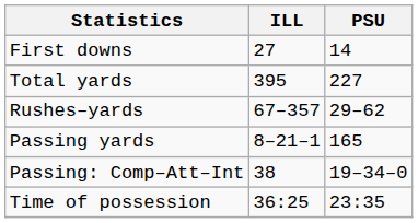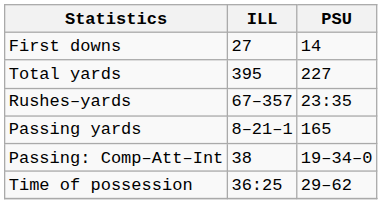 <table class="wikitable" style="float: left;">
 <tr>
 <th>Statistics</th>
 <th>ILL</th>
 <th>PSU</th>
 </tr>
 <tr>
 <td>First downs</td>
 <td>27</td>
 <td>14</td>
 </tr>
 <tr>
 <td>Total yards</td>
 <td>395</td>
 <td>227</td>
 </tr>
 <tr>
 <td>Rushes–yards</td>
 <td>67–357</td>
-<td>29–62</td>
+<td>23:35</td>
 </tr>
 <tr>
 <td>Passing yards</td>
 <td>8–21–1</td>
 <td>165</td>
 </tr>
 <tr>
 <td>Passing: Comp–Att–Int</td>
 <td>38</td>
 <td>19–34–0</td>
 </tr>
 <tr>
 <td>Time of possession</td>
 <td>36:25</td>
-<td>23:35</td>
+<td>29–62</td>
 </tr>
 <tr>
 </tr>
 </table>
